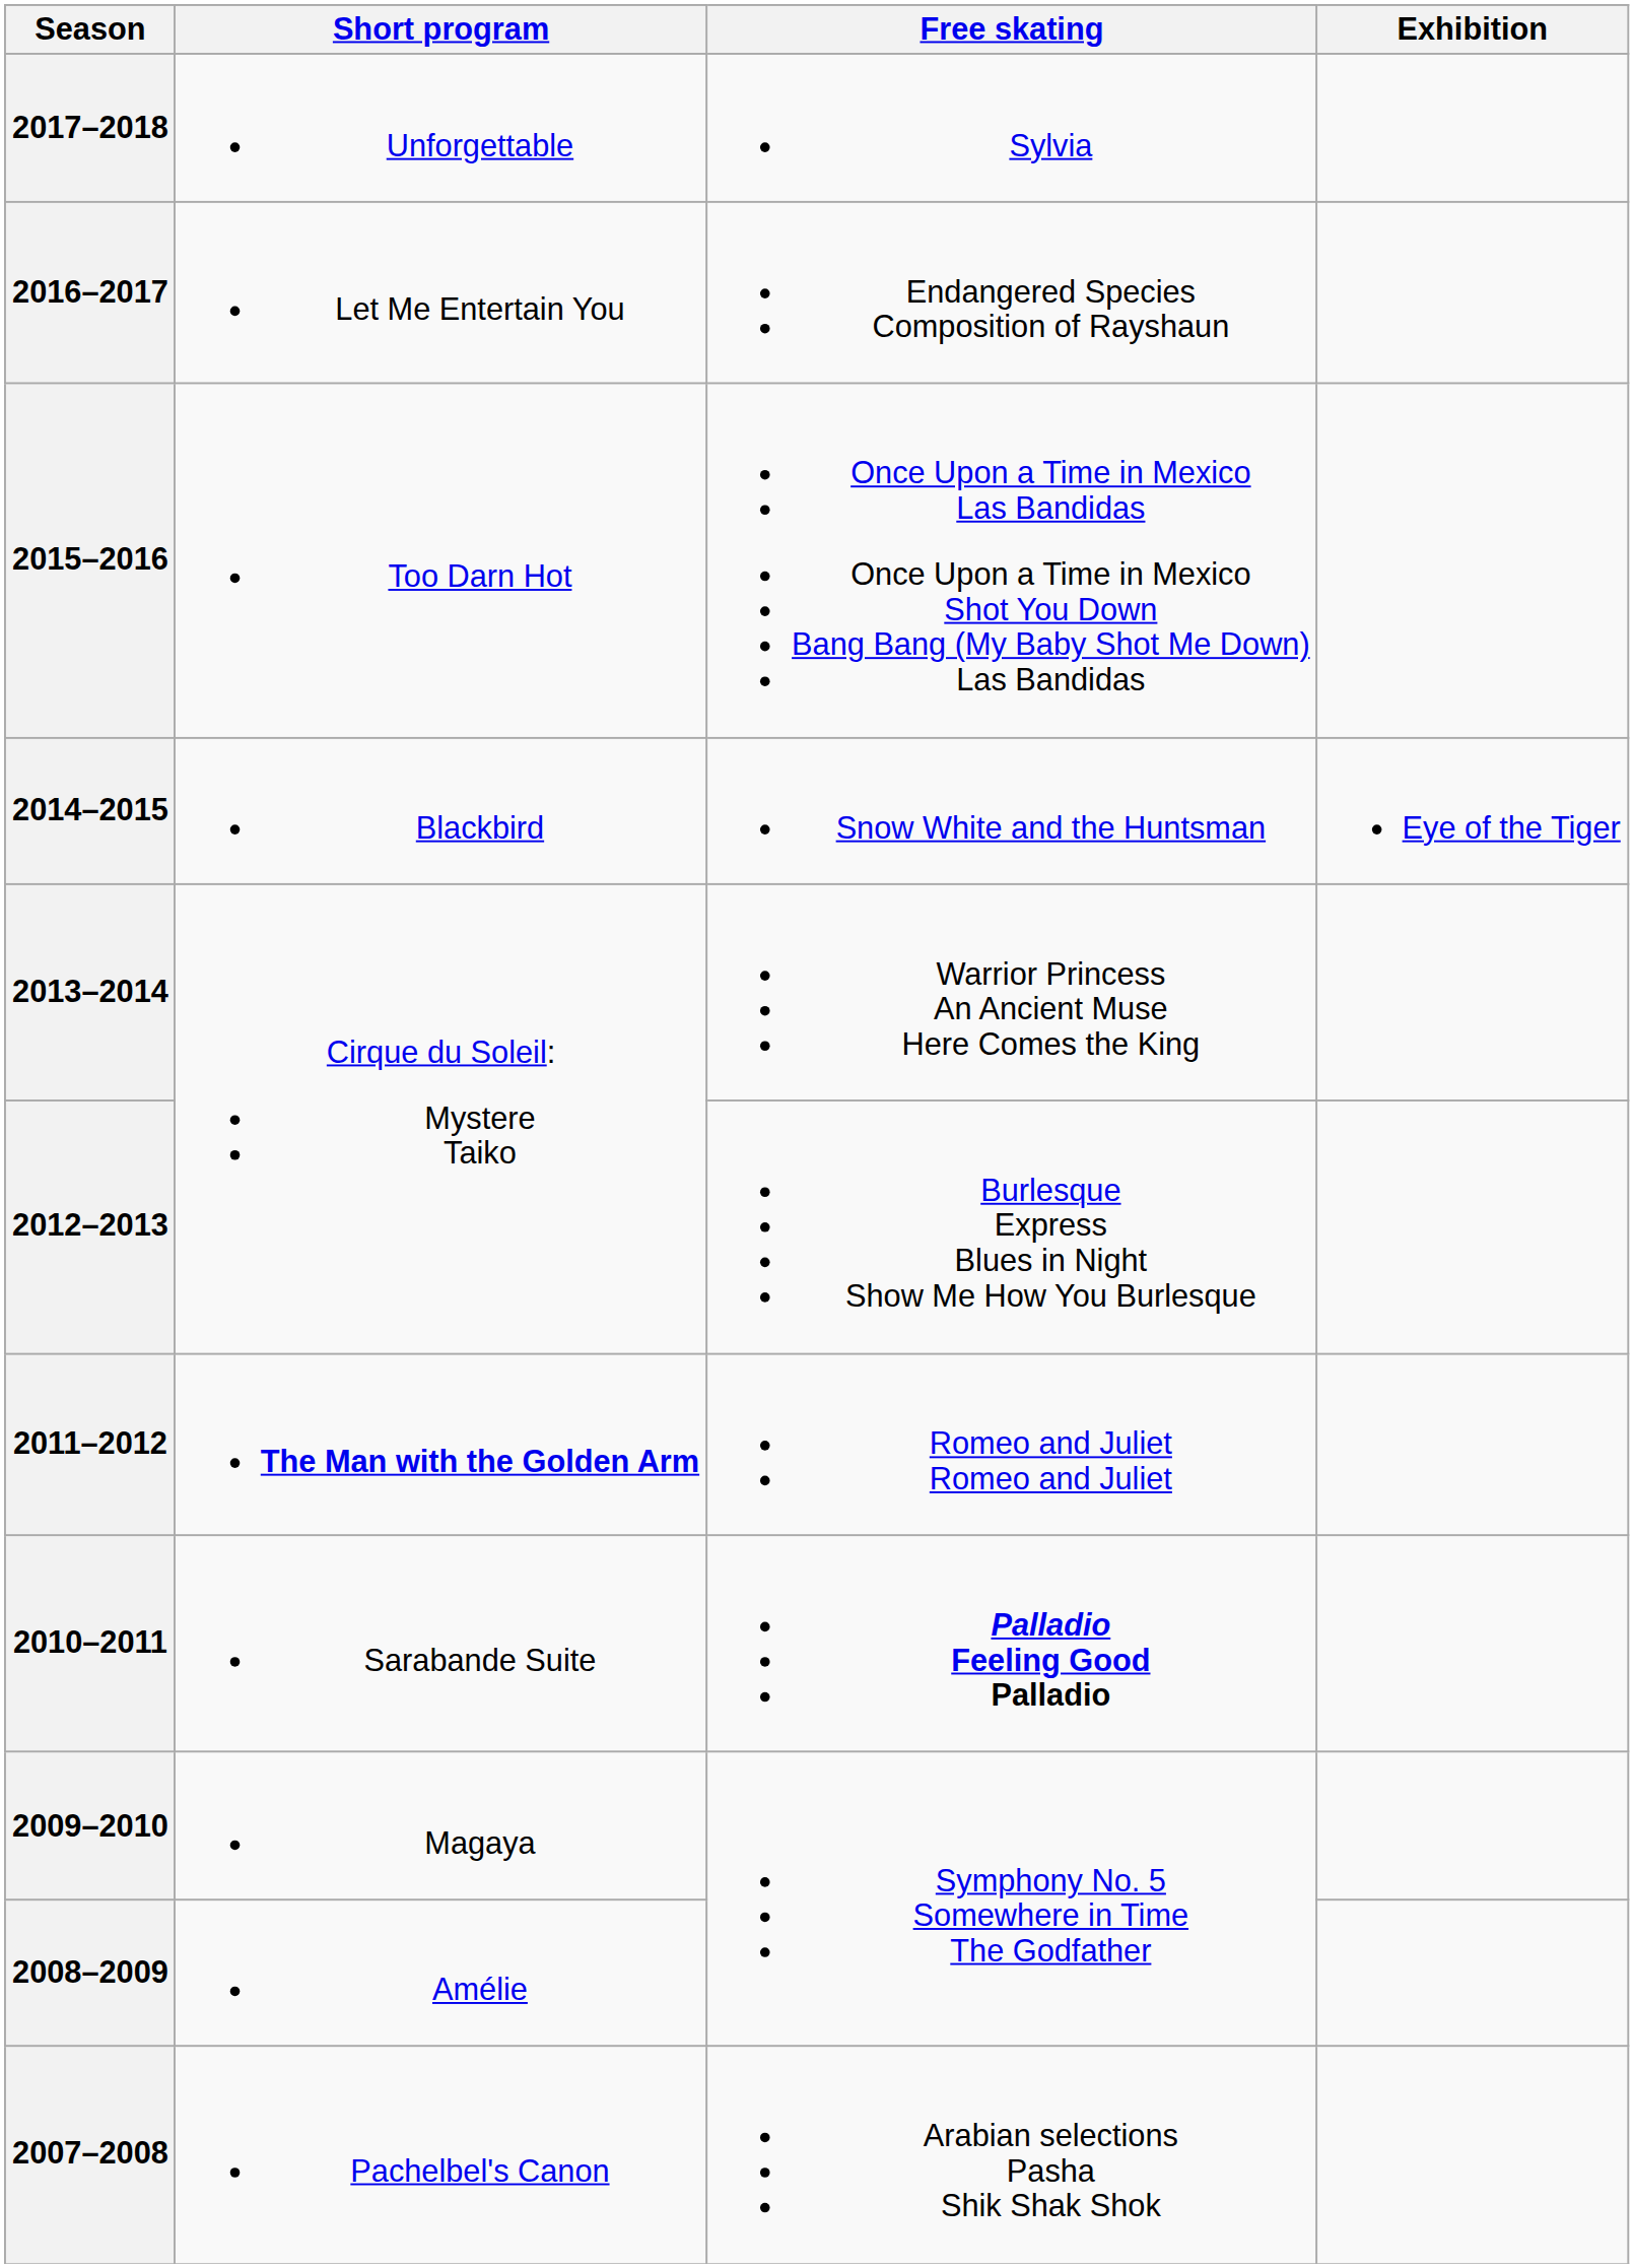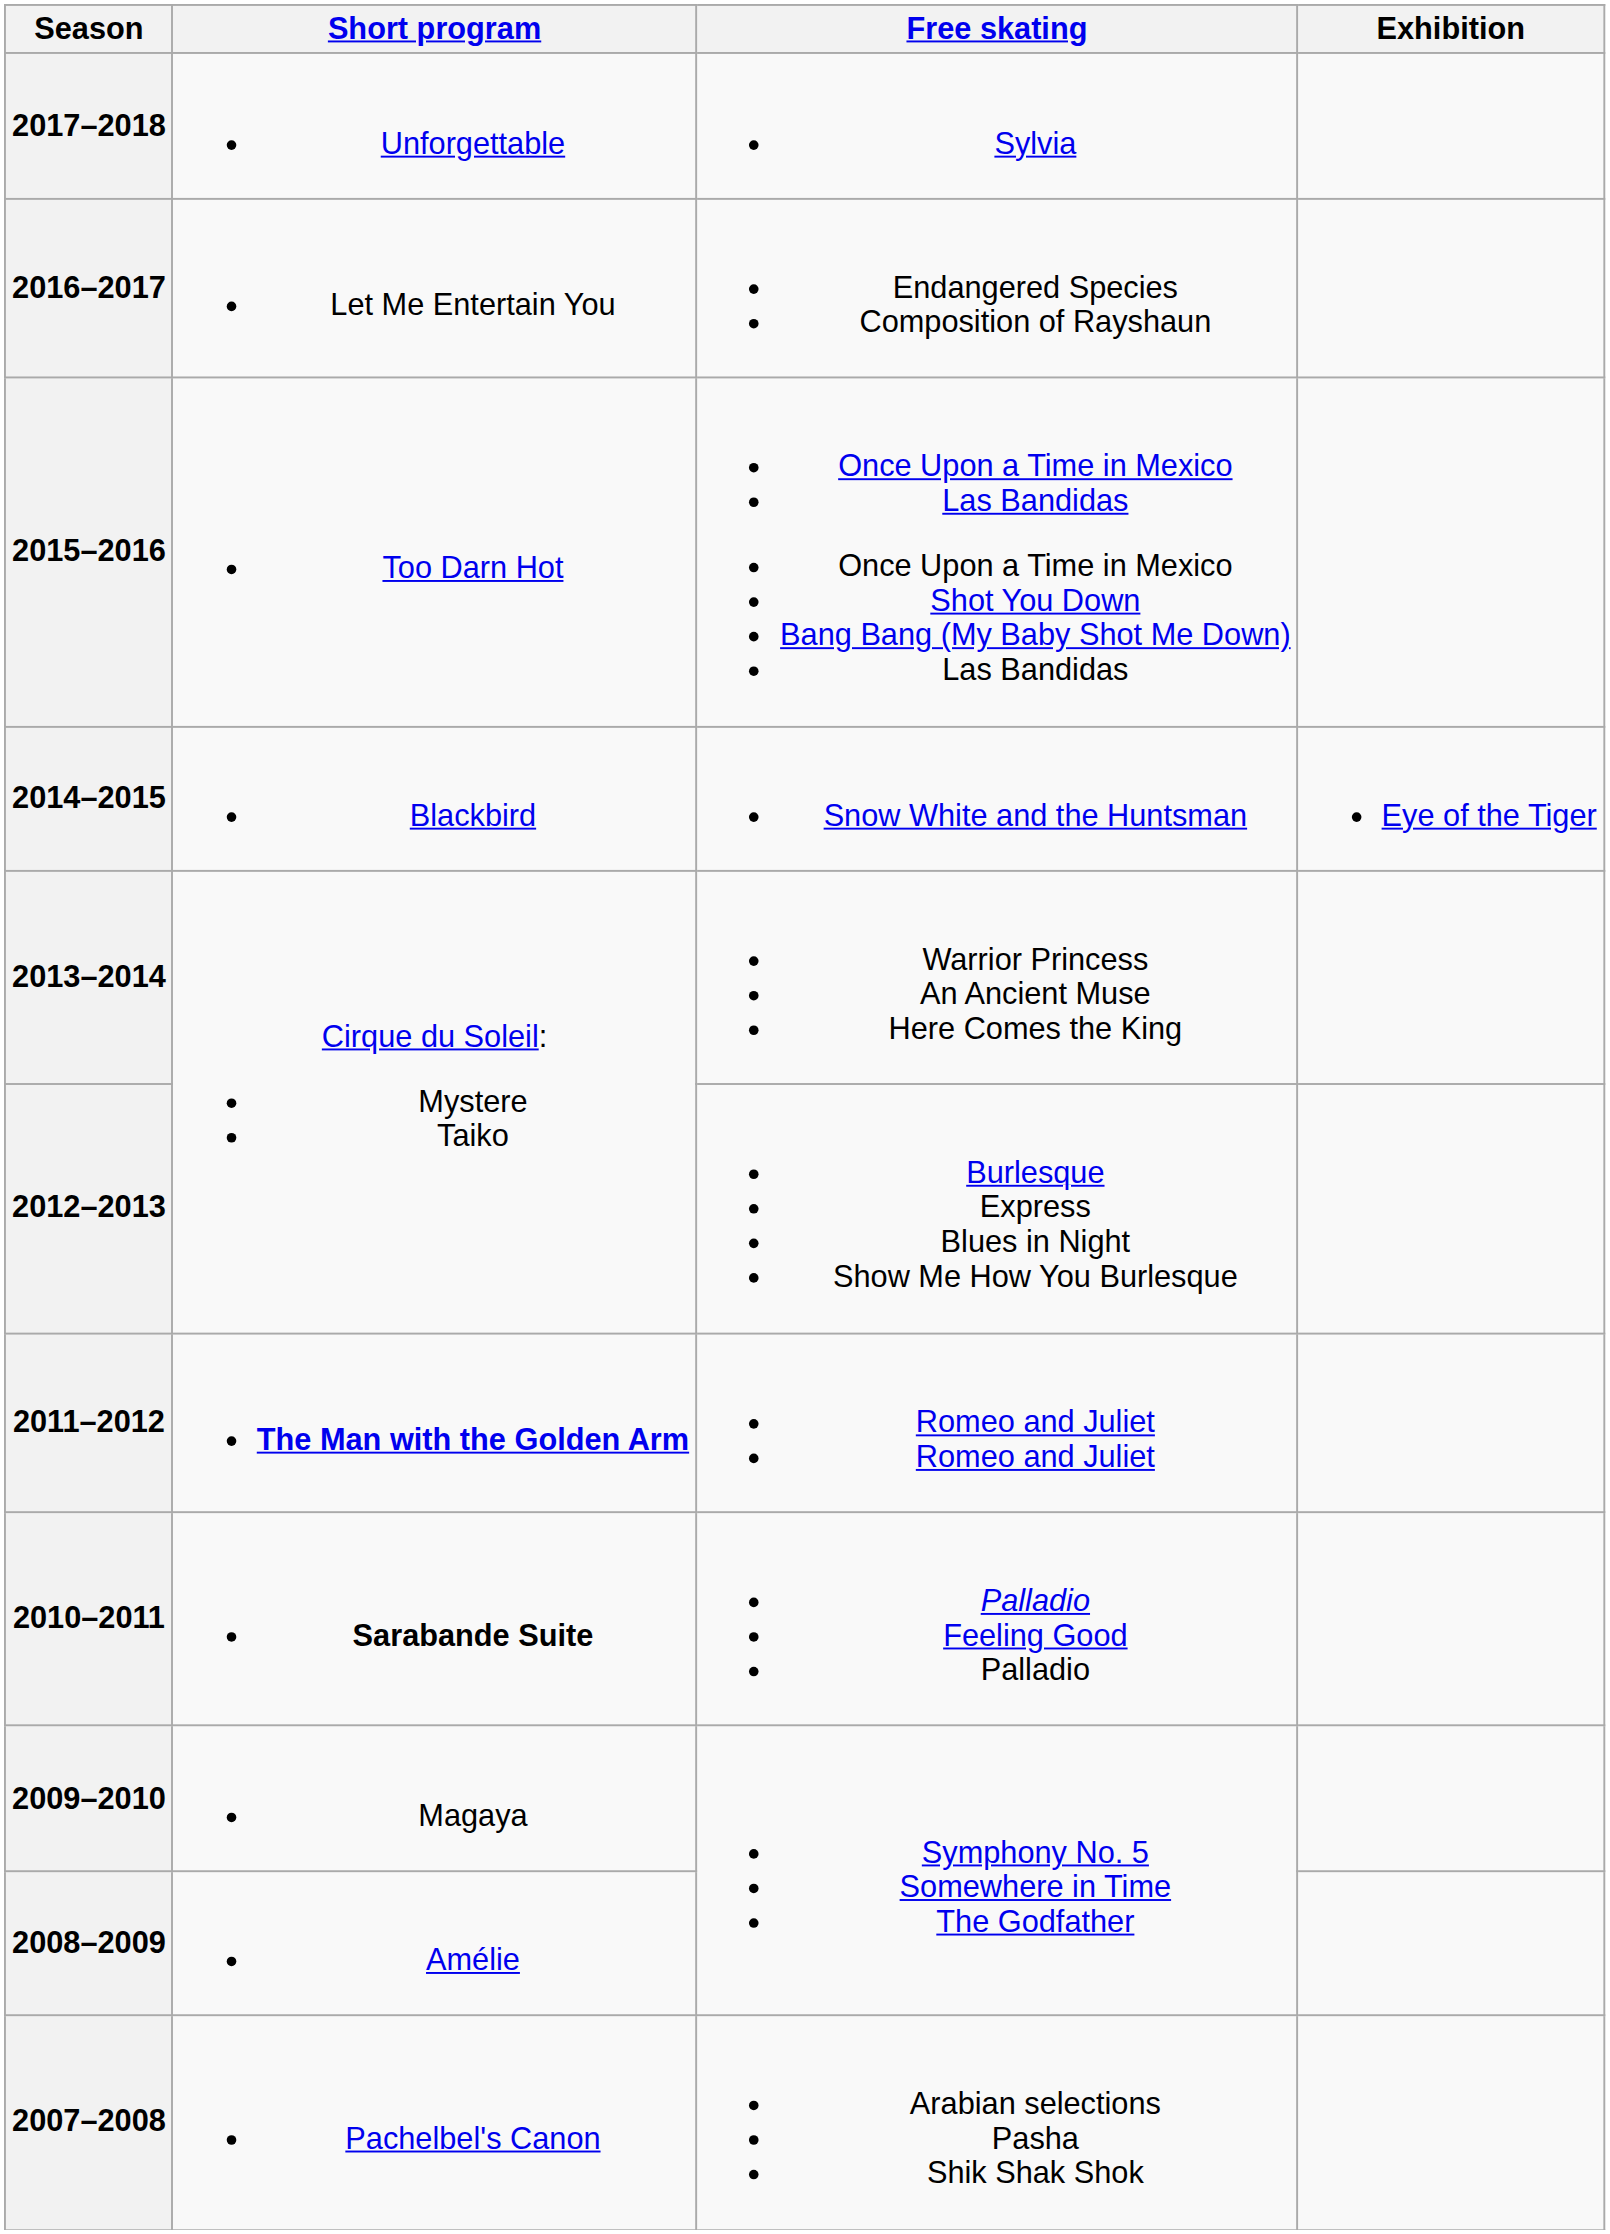 <table class=wikitable style=text-align:center>
 <tr>
 <th>Season</th>
 <th><a href='#'>Short program</a></th>
 <th><a href='#'>Free skating</a></th>
 <th>Exhibition</th>
 </tr>
 <tr>
 <th>2017–2018 <br> </th>
 <td><br><ul><li><a href='#'>Unforgettable</a> <br></li></ul></td>
 <td><br><ul><li><a href='#'>Sylvia</a> <br></li></ul></td>
 <td></td>
 </tr>
 <tr>
 <th>2016–2017 <br> </th>
 <td><br><ul><li>Let Me Entertain You <br></li></ul></td>
 <td><br><ul><li>Endangered Species <br></li><li>Composition of Rayshaun <br></li></ul></td>
 <td></td>
 </tr>
 <tr>
 <th>2015–2016 <br> </th>
 <td><br><ul><li><a href='#'>Too Darn Hot</a> <br></li></ul></td>
 <td><br><ul><li><a href='#'>Once Upon a Time in Mexico</a> <br></li><li><a href='#'>Las Bandidas</a> <br></li></ul><ul><li>Once Upon a Time in Mexico <br></li><li><a href='#'>Shot You Down</a> <br></li><li><a href='#'>Bang Bang (My Baby Shot Me Down)</a> <br></li><li>Las Bandidas <br></li></ul></td>
 <td></td>
 </tr>
 <tr>
 <th>2014–2015 <br> </th>
 <td><br><ul><li><a href='#'>Blackbird</a> <br></li></ul></td>
 <td><br><ul><li><a href='#'>Snow White and the Huntsman</a> <br></li></ul></td>
 <td><br><ul><li><a href='#'>Eye of the Tiger</a> <br></li></ul></td>
 </tr>
 <tr>
 <th>2013–2014 <br> </th>
 <td rowspan=2><a href='#'>Cirque du Soleil</a>:<br><ul><li>Mystere</li><li>Taiko <br></li></ul></td>
 <td><br><ul><li>Warrior Princess <br></li><li>An Ancient Muse <br></li><li>Here Comes the King <br></li></ul></td>
 <td></td>
 </tr>
 <tr>
 <th>2012–2013 <br> </th>
 <td><br><ul><li><a href='#'>Burlesque</a></li><li>Express</li><li>Blues in Night <br></li><li>Show Me How You Burlesque <br></li></ul></td>
 <td></td>
 </tr>
 <tr>
 <th>2011–2012 <br> </th>
 <td><strong><br><ul><li><a href='#'>The Man with the Golden Arm</a></li></ul></strong></td>
 <td><br><ul><li><a href='#'>Romeo and Juliet</a> <br></li><li><a href='#'>Romeo and Juliet</a> <br></li></ul></td>
 <td></td>
 </tr>
 <tr>
 <th>2010–2011 <br> </th>
-<td><br><ul><li>Sarabande Suite</li></ul></td>
-<td><strong><br><ul><li><em><a href='#'>Palladio</a></em> <br></li><li><a href='#'>Feeling Good</a></li><li>Palladio <br></li></ul></strong></td>
+<td><strong><br><ul><li>Sarabande Suite</li></ul></strong></td>
+<td><br><ul><li><em><a href='#'>Palladio</a></em> <br></li><li><a href='#'>Feeling Good</a></li><li>Palladio <br></li></ul></td>
 <td></td>
 </tr>
 <tr>
 <th>2009–2010 <br> </th>
 <td><br><ul><li>Magaya <br></li></ul></td>
 <td rowspan=2><br><ul><li><a href='#'>Symphony No. 5</a> <br></li><li><a href='#'>Somewhere in Time</a> <br></li><li><a href='#'>The Godfather</a> <br></li></ul></td>
 <td></td>
 </tr>
 <tr>
 <th>2008–2009 <br> </th>
 <td><br><ul><li><a href='#'>Amélie</a> <br></li></ul></td>
 <td></td>
 </tr>
 <tr>
 <th>2007–2008 <br> </th>
 <td><br><ul><li><a href='#'>Pachelbel's Canon</a> <br></li></ul></td>
 <td><br><ul><li>Arabian selections</li><li>Pasha <br></li><li>Shik Shak Shok <br></li></ul></td>
 <td></td>
 </tr>
 </table>
